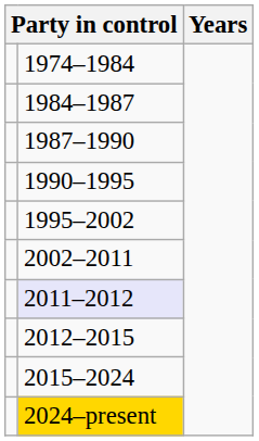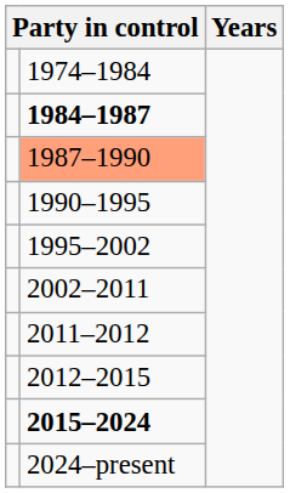 <table class="wikitable">
 <tr>
 <th colspan="2">Party in control</th>
 <th>Years</th>
 </tr>
 <tr>
 <td></td>
 <td>1974–1984</td>
 </tr>
 <tr>
 <td></td>
-<td>1984–1987</td>
+<td><strong>1984–1987</strong></td>
 </tr>
 <tr>
 <td></td>
-<td>1987–1990</td>
+<td style="background: lightsalmon;">1987–1990</td>
 </tr>
 <tr>
 <td></td>
 <td>1990–1995</td>
 </tr>
 <tr>
 <td></td>
 <td>1995–2002</td>
 </tr>
 <tr>
 <td></td>
 <td>2002–2011</td>
 </tr>
 <tr>
 <td></td>
-<td style="background: lavender;">2011–2012</td>
+<td>2011–2012</td>
 </tr>
 <tr>
 <td></td>
 <td>2012–2015</td>
 </tr>
 <tr>
 <td></td>
-<td>2015–2024</td>
+<td><strong>2015–2024</strong></td>
 </tr>
 <tr>
 <td></td>
-<td style="background: gold;">2024–present</td>
+<td>2024–present</td>
 </tr>
 </table>
